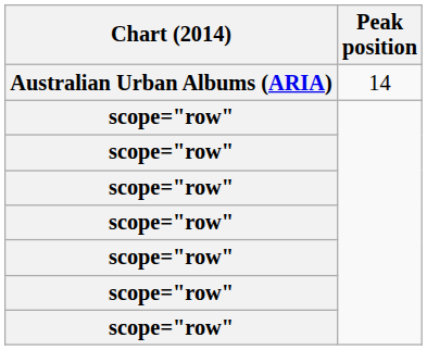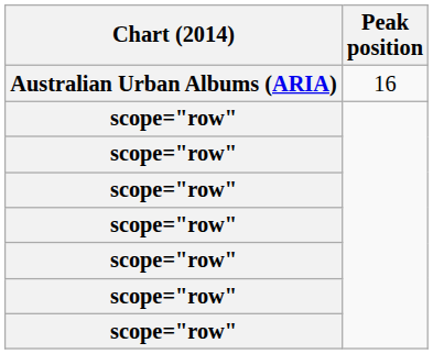 <table class="wikitable sortable plainrowheaders">
 <tr>
 <th scope="col">Chart (2014)</th>
 <th scope="col">Peak<br>position</th>
 </tr>
 <tr>
 <th scope="row">Australian Urban Albums (<a href='#'>ARIA</a>)</th>
-<td style="text-align:center;">14</td>
+<td style="text-align:center;">16</td>
 </tr>
 <tr>
 <th>scope="row" </th>
 </tr>
 <tr>
 <th>scope="row" </th>
 </tr>
 <tr>
 <th>scope="row" </th>
 </tr>
 <tr>
 <th>scope="row" </th>
 </tr>
 <tr>
 <th>scope="row" </th>
 </tr>
 <tr>
 <th>scope="row" </th>
 </tr>
 <tr>
 <th>scope="row" </th>
 </tr>
 </table>
